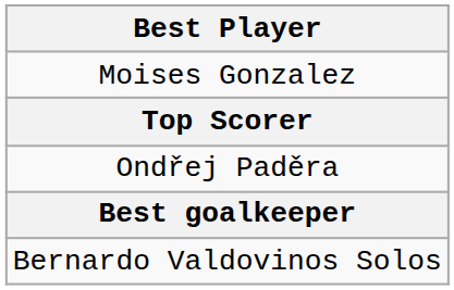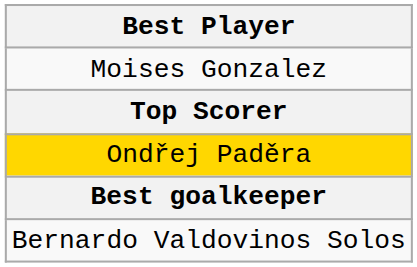 <table class="wikitable" style="margin:auto;text-align:center">
 <tr>
 <th>Best Player</th>
 </tr>
 <tr>
 <td> Moises Gonzalez</td>
 </tr>
 <tr>
 <th>Top Scorer</th>
 </tr>
 <tr>
-<td> Ondřej Paděra<br></td>
+<td style="background: gold;"> Ondřej Paděra<br></td>
 </tr>
 <tr>
 <th>Best goalkeeper</th>
 </tr>
 <tr>
 <td> Bernardo Valdovinos Solos</td>
 </tr>
 </table>
